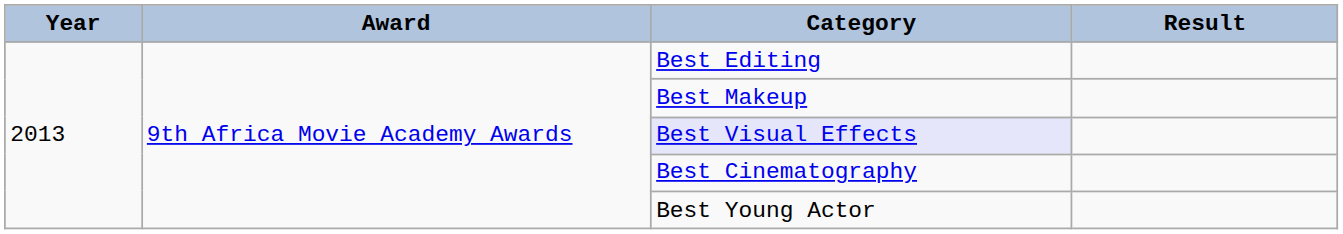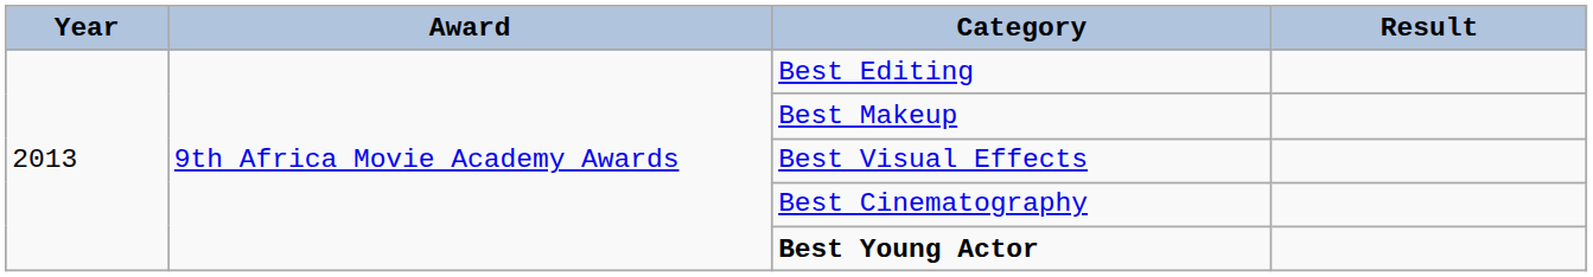 <table class="wikitable" width="60%">
 <tr>
 <th style="width:10pt; background:LightSteelBlue;">Year</th>
 <th style="width:100pt; background:LightSteelBlue;">Award</th>
 <th style="width:40pt; background:LightSteelBlue;">Category</th>
 <th style="width:50pt; background:LightSteelBlue;">Result</th>
 </tr>
 <tr>
 <td rowspan="5">2013</td>
 <td rowspan="5"><a href='#'>9th Africa Movie Academy Awards</a></td>
 <td><a href='#'>Best Editing</a></td>
 <td></td>
 </tr>
 <tr>
 <td><a href='#'>Best Makeup</a></td>
 <td></td>
 </tr>
 <tr>
-<td style="background: lavender;"><a href='#'>Best Visual Effects</a></td>
+<td><a href='#'>Best Visual Effects</a></td>
 <td></td>
 </tr>
 <tr>
 <td><a href='#'>Best Cinematography</a></td>
 <td></td>
 </tr>
 <tr>
-<td>Best Young Actor</td>
+<td><strong>Best Young Actor</strong></td>
 <td></td>
 </tr>
 </table>
